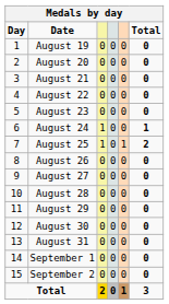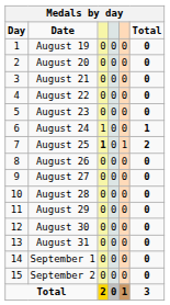 <table class=wikitable style="font-size:85%; float:right;text-align:center">
 <tr>
 <th colspan=7><strong>Medals by day</strong></th>
 </tr>
 <tr>
 <td><strong>Day</strong></td>
 <td><strong>Date</strong></td>
 <td bgcolor=F7F6A8></td>
 <td bgcolor=DCE5E5></td>
 <td bgcolor=FFDAB9></td>
 <td><strong>Total</strong></td>
 </tr>
 <tr>
 <td>1</td>
 <td>August 19</td>
 <td bgcolor=F7F6A8>0</td>
 <td bgcolor=DCE5E5>0</td>
 <td bgcolor=FFDAB9>0</td>
 <td><strong>0</strong></td>
 </tr>
 <tr>
 <td>2</td>
 <td>August 20</td>
 <td bgcolor=F7F6A8>0</td>
 <td bgcolor=DCE5E5>0</td>
 <td bgcolor=FFDAB9>0</td>
 <td><strong>0</strong></td>
 </tr>
 <tr>
 <td>3</td>
 <td>August 21</td>
 <td bgcolor=F7F6A8>0</td>
 <td bgcolor=DCE5E5>0</td>
 <td bgcolor=FFDAB9>0</td>
 <td><strong>0</strong></td>
 </tr>
 <tr>
 <td>4</td>
 <td>August 22</td>
 <td bgcolor=F7F6A8>0</td>
 <td bgcolor=DCE5E5>0</td>
 <td bgcolor=FFDAB9>0</td>
 <td><strong>0</strong></td>
 </tr>
 <tr>
 <td>5</td>
 <td>August 23</td>
 <td bgcolor=F7F6A8>0</td>
 <td bgcolor=DCE5E5>0</td>
 <td bgcolor=FFDAB9>0</td>
 <td><strong>0</strong></td>
 </tr>
 <tr>
 <td>6</td>
 <td>August 24</td>
 <td bgcolor=F7F6A8>1</td>
 <td bgcolor=DCE5E5>0</td>
 <td bgcolor=FFDAB9>0</td>
 <td><strong>1</strong></td>
 </tr>
 <tr>
 <td>7</td>
 <td>August 25</td>
-<td bgcolor=F7F6A8>1</td>
+<td bgcolor=F7F6A8><strong>1</strong></td>
 <td bgcolor=DCE5E5>0</td>
 <td bgcolor=FFDAB9>1</td>
 <td><strong>2</strong></td>
 </tr>
 <tr>
 <td>8</td>
 <td>August 26</td>
 <td bgcolor=F7F6A8>0</td>
 <td bgcolor=DCE5E5>0</td>
 <td bgcolor=FFDAB9>0</td>
 <td><strong>0</strong></td>
 </tr>
 <tr>
 <td>9</td>
 <td>August 27</td>
 <td bgcolor=F7F6A8>0</td>
 <td bgcolor=DCE5E5>0</td>
 <td bgcolor=FFDAB9>0</td>
 <td><strong>0</strong></td>
 </tr>
 <tr>
 <td>10</td>
 <td>August 28</td>
 <td bgcolor=F7F6A8>0</td>
 <td bgcolor=DCE5E5>0</td>
 <td bgcolor=FFDAB9>0</td>
 <td><strong>0</strong></td>
 </tr>
 <tr>
 <td>11</td>
 <td>August 29</td>
 <td bgcolor=F7F6A8>0</td>
 <td bgcolor=DCE5E5>0</td>
 <td bgcolor=FFDAB9>0</td>
 <td><strong>0</strong></td>
 </tr>
 <tr>
 <td>12</td>
 <td>August 30</td>
 <td bgcolor=F7F6A8>0</td>
 <td bgcolor=DCE5E5>0</td>
 <td bgcolor=FFDAB9>0</td>
 <td><strong>0</strong></td>
 </tr>
 <tr>
 <td>13</td>
 <td>August 31</td>
 <td bgcolor=F7F6A8>0</td>
 <td bgcolor=DCE5E5>0</td>
 <td bgcolor=FFDAB9>0</td>
 <td><strong>0</strong></td>
 </tr>
 <tr>
 <td>14</td>
 <td>September 1</td>
 <td bgcolor=F7F6A8>0</td>
 <td bgcolor=DCE5E5>0</td>
 <td bgcolor=FFDAB9>0</td>
 <td><strong>0</strong></td>
 </tr>
 <tr>
 <td>15</td>
 <td>September 2</td>
 <td bgcolor=F7F6A8>0</td>
 <td bgcolor=DCE5E5>0</td>
 <td bgcolor=FFDAB9>0</td>
 <td><strong>0</strong></td>
 </tr>
 <tr>
 <td colspan=2><strong>Total</strong></td>
 <td style="background:gold;"><strong>2</strong></td>
 <td style="background:silver;"><strong>0</strong></td>
 <td style="background:#c96;"><strong>1</strong></td>
 <td><strong>3</strong></td>
 </tr>
 </table>
